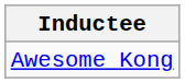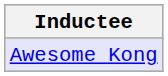 <table class="wikitable">
 <tr>
 <th>Inductee</th>
 </tr>
 <tr>
-<td><a href='#'>Awesome Kong</a></td>
+<td style="background: lavender;"><a href='#'>Awesome Kong</a></td>
 </tr>
 </table>
